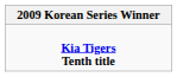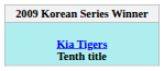 <table width="220" class="wikitable">
 <tr>
 <th><strong>2009 Korean Series Winner</strong></th>
 </tr>
 <tr align="center">
-<td><br><strong><a href='#'>Kia Tigers</a></strong><br><strong>Tenth title</strong></td>
+<td style="background: paleturquoise;"><br><strong><a href='#'>Kia Tigers</a></strong><br><strong>Tenth title</strong></td>
 </tr>
 </table>
